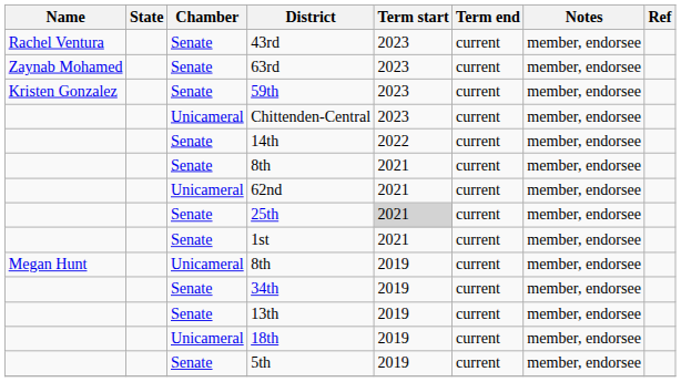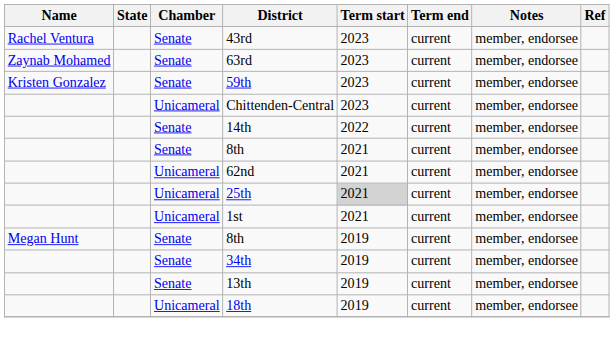 <table class="wikitable sortable">
 <tr>
 <th>Name</th>
 <th>State</th>
 <th>Chamber</th>
 <th>District</th>
 <th>Term start</th>
 <th>Term end</th>
 <th>Notes</th>
 <th>Ref</th>
 </tr>
 <tr>
 <td><a href='#'>Rachel Ventura</a></td>
 <td></td>
 <td><a href='#'>Senate</a></td>
 <td>43rd</td>
 <td>2023</td>
 <td>current</td>
 <td>member, endorsee</td>
 <td></td>
 </tr>
 <tr>
 <td><a href='#'>Zaynab Mohamed</a></td>
 <td></td>
 <td><a href='#'>Senate</a></td>
 <td>63rd</td>
 <td>2023</td>
 <td>current</td>
 <td>member, endorsee</td>
 <td></td>
 </tr>
 <tr>
 <td><a href='#'>Kristen Gonzalez</a></td>
 <td></td>
 <td><a href='#'>Senate</a></td>
 <td><a href='#'>59th</a></td>
 <td>2023</td>
 <td>current</td>
 <td>member, endorsee</td>
 <td></td>
 </tr>
 <tr>
 <td></td>
 <td></td>
 <td><a href='#'>Unicameral</a></td>
 <td>Chittenden-Central</td>
 <td>2023</td>
 <td>current</td>
 <td>member, endorsee</td>
 <td></td>
 </tr>
 <tr>
 <td></td>
 <td></td>
 <td><a href='#'>Senate</a></td>
 <td>14th</td>
 <td>2022</td>
 <td>current</td>
 <td>member, endorsee</td>
 <td></td>
 </tr>
 <tr>
 <td></td>
 <td></td>
 <td><a href='#'>Senate</a></td>
 <td>8th</td>
 <td>2021</td>
 <td>current</td>
 <td>member, endorsee</td>
 <td></td>
 </tr>
 <tr>
 <td></td>
 <td></td>
 <td><a href='#'>Unicameral</a></td>
 <td>62nd</td>
 <td>2021</td>
 <td>current</td>
 <td>member, endorsee</td>
 <td></td>
 </tr>
 <tr>
 <td></td>
 <td></td>
-<td><a href='#'>Senate</a></td>
+<td><a href='#'>Unicameral</a></td>
 <td><a href='#'>25th</a></td>
 <td style="background: lightgrey;">2021</td>
 <td>current</td>
 <td>member, endorsee</td>
 <td></td>
 </tr>
 <tr>
 <td></td>
 <td></td>
-<td><a href='#'>Senate</a></td>
+<td><a href='#'>Unicameral</a></td>
 <td>1st</td>
 <td>2021</td>
 <td>current</td>
 <td>member, endorsee</td>
 <td></td>
 </tr>
 <tr>
 <td><a href='#'>Megan Hunt</a></td>
 <td></td>
-<td><a href='#'>Unicameral</a></td>
+<td><a href='#'>Senate</a></td>
 <td>8th</td>
 <td>2019</td>
 <td>current</td>
 <td>member, endorsee</td>
 <td></td>
 </tr>
 <tr>
 <td></td>
 <td></td>
 <td><a href='#'>Senate</a></td>
 <td><a href='#'>34th</a></td>
 <td>2019</td>
 <td>current</td>
 <td>member, endorsee</td>
 <td></td>
 </tr>
 <tr>
 <td></td>
 <td></td>
 <td><a href='#'>Senate</a></td>
 <td>13th</td>
 <td>2019</td>
 <td>current</td>
 <td>member, endorsee</td>
 <td></td>
 </tr>
 <tr>
 <td></td>
 <td></td>
 <td><a href='#'>Unicameral</a></td>
 <td><a href='#'>18th</a></td>
 <td>2019</td>
 <td>current</td>
 <td>member, endorsee</td>
 <td></td>
 </tr>
 <tr>
-<td></td>
-<td></td>
-<td><a href='#'>Senate</a></td>
-<td>5th</td>
-<td>2019</td>
-<td>current</td>
-<td>member, endorsee</td>
-<td></td>
-</tr>
-<tr>
 </tr>
 </table>
